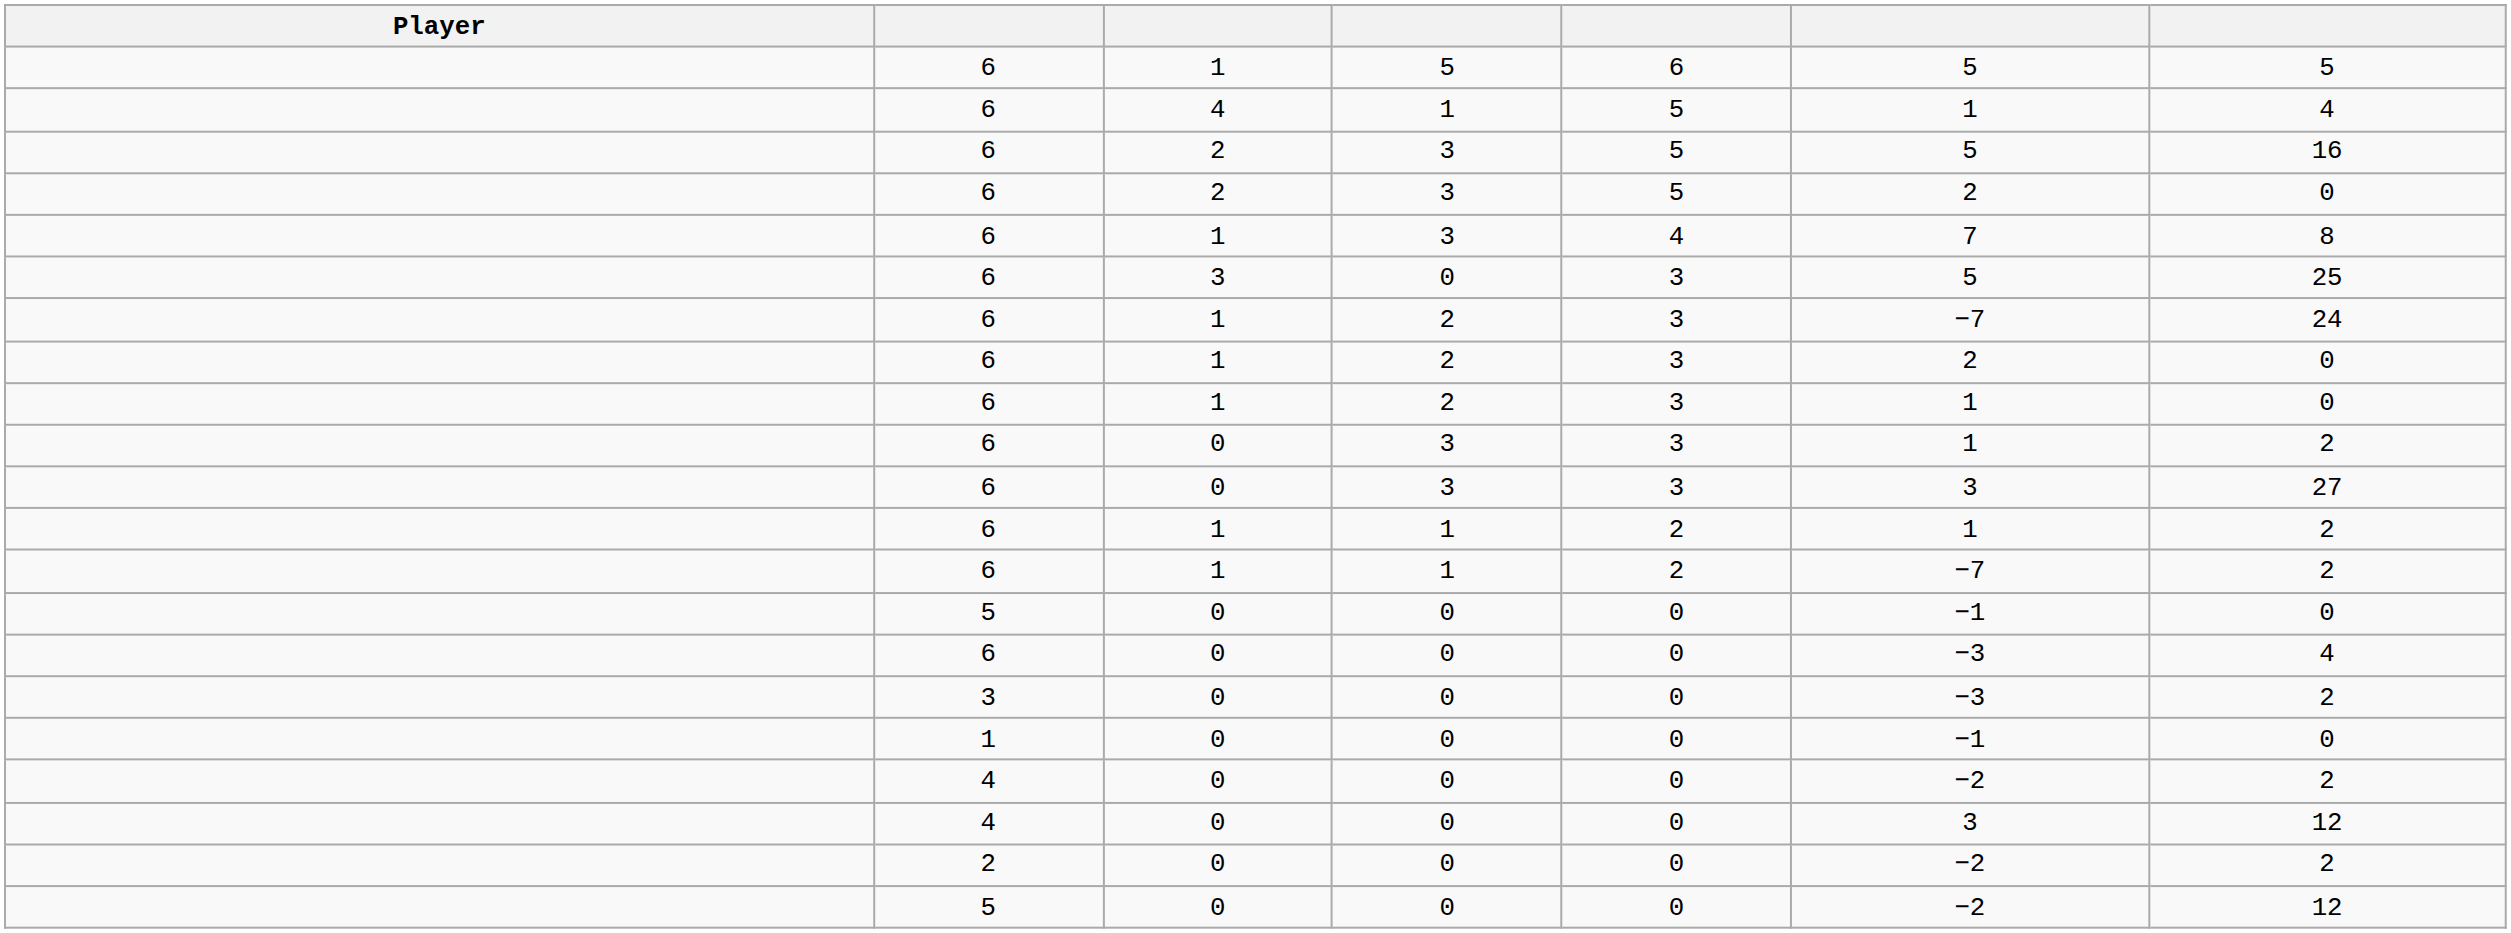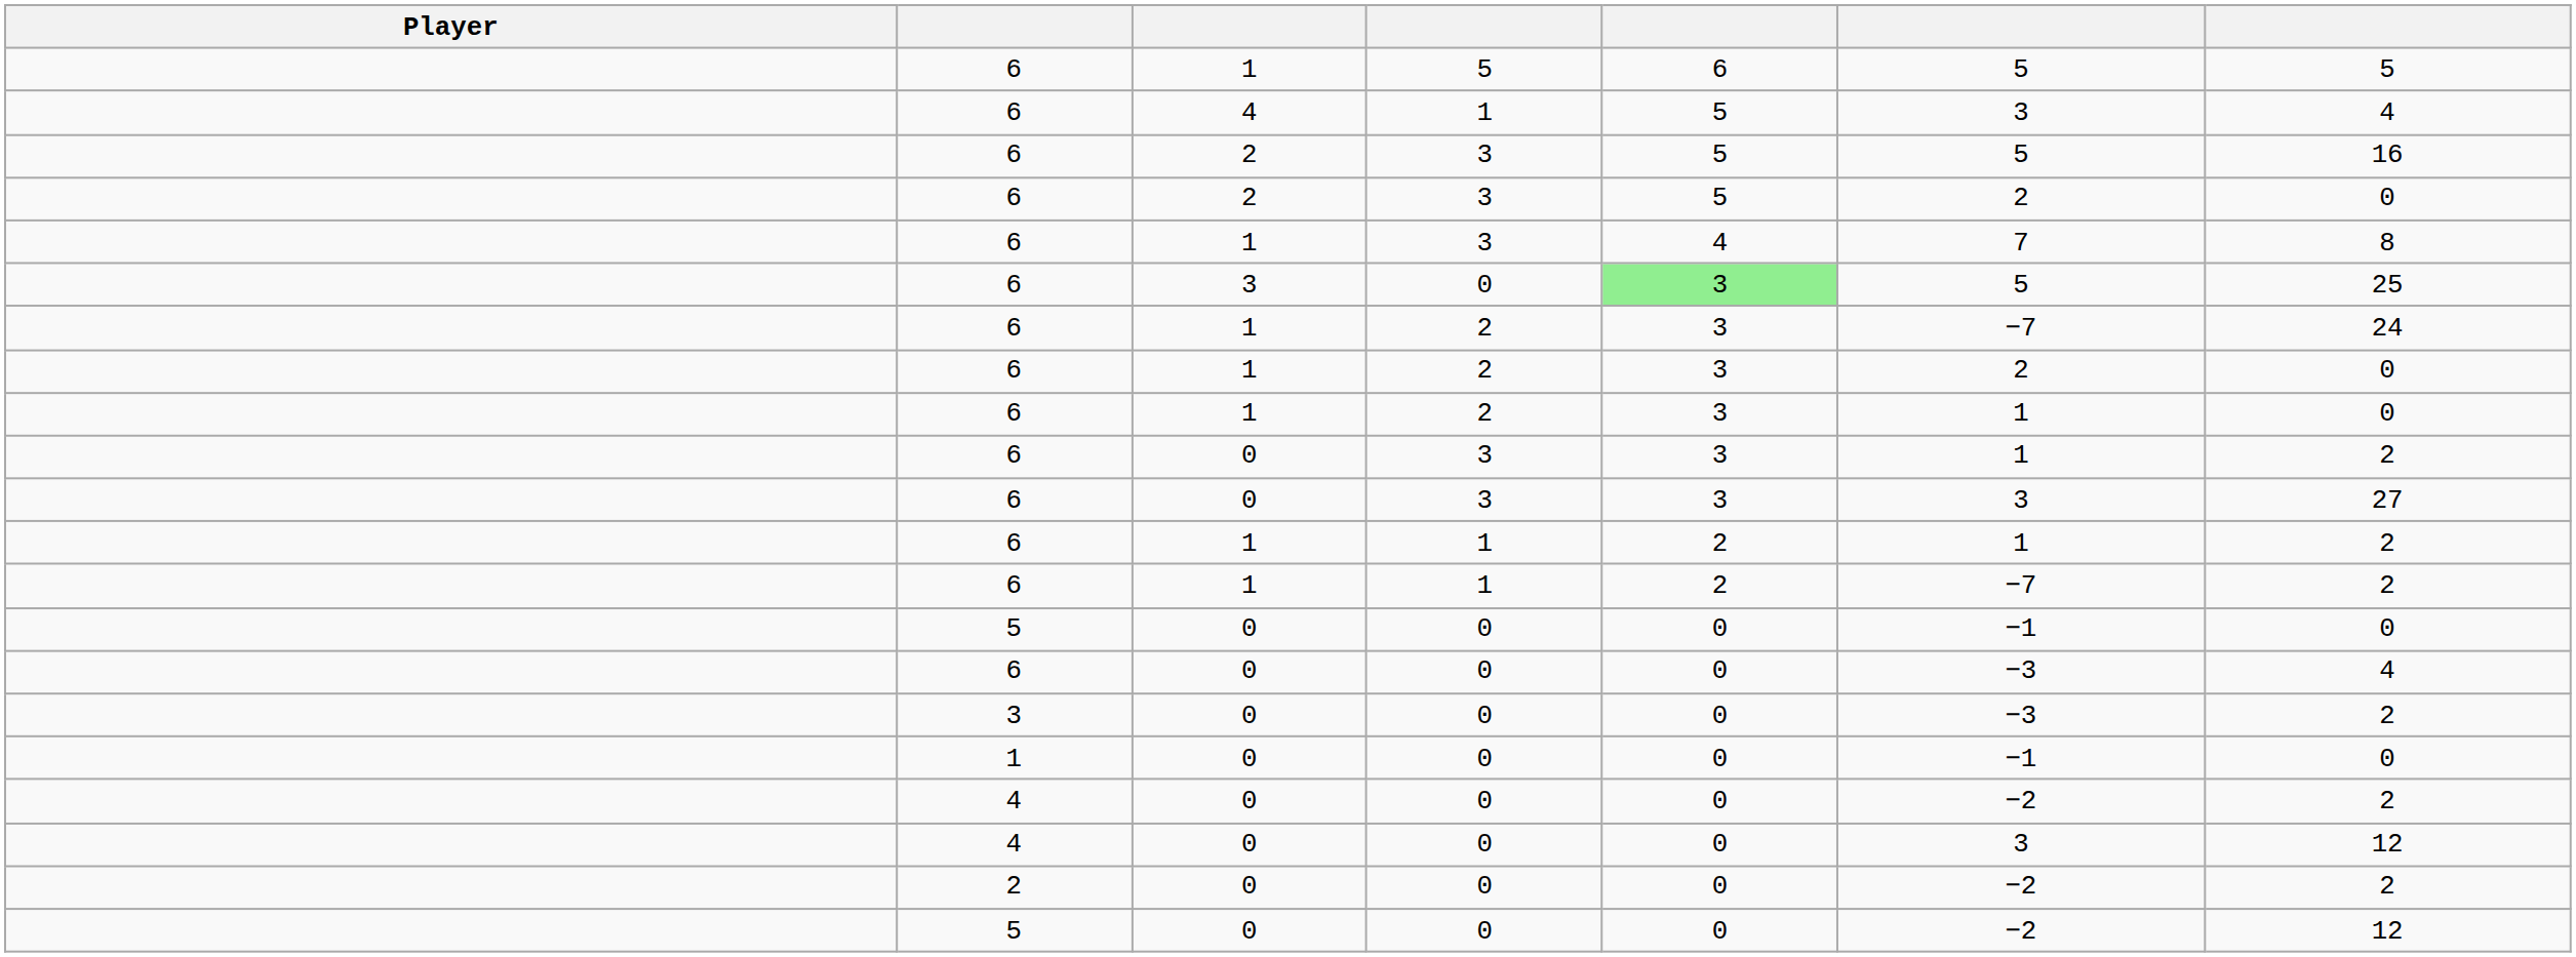 <table class="wikitable sortable" style="width:100%; text-align:center;">
 <tr>
 <th>Player</th>
 <th></th>
 <th></th>
 <th></th>
 <th></th>
 <th data-sort-type="number"></th>
 <th></th>
 </tr>
 <tr>
 <td></td>
 <td>6</td>
 <td>1</td>
 <td>5</td>
 <td>6</td>
 <td>5</td>
 <td>5</td>
 </tr>
 <tr>
 <td></td>
 <td>6</td>
 <td>4</td>
 <td>1</td>
 <td>5</td>
-<td>1</td>
+<td>3</td>
 <td>4</td>
 </tr>
 <tr>
 <td></td>
 <td>6</td>
 <td>2</td>
 <td>3</td>
 <td>5</td>
 <td>5</td>
 <td>16</td>
 </tr>
 <tr>
 <td></td>
 <td>6</td>
 <td>2</td>
 <td>3</td>
 <td>5</td>
 <td>2</td>
 <td>0</td>
 </tr>
 <tr>
 <td></td>
 <td>6</td>
 <td>1</td>
 <td>3</td>
 <td>4</td>
 <td>7</td>
 <td>8</td>
 </tr>
 <tr>
 <td></td>
 <td>6</td>
 <td>3</td>
 <td>0</td>
-<td>3</td>
+<td style="background: lightgreen;">3</td>
 <td>5</td>
 <td>25</td>
 </tr>
 <tr>
 <td></td>
 <td>6</td>
 <td>1</td>
 <td>2</td>
 <td>3</td>
 <td>−7</td>
 <td>24</td>
 </tr>
 <tr>
 <td></td>
 <td>6</td>
 <td>1</td>
 <td>2</td>
 <td>3</td>
 <td>2</td>
 <td>0</td>
 </tr>
 <tr>
 <td></td>
 <td>6</td>
 <td>1</td>
 <td>2</td>
 <td>3</td>
 <td>1</td>
 <td>0</td>
 </tr>
 <tr>
 <td></td>
 <td>6</td>
 <td>0</td>
 <td>3</td>
 <td>3</td>
 <td>1</td>
 <td>2</td>
 </tr>
 <tr>
 <td></td>
 <td>6</td>
 <td>0</td>
 <td>3</td>
 <td>3</td>
 <td>3</td>
 <td>27</td>
 </tr>
 <tr>
 <td></td>
 <td>6</td>
 <td>1</td>
 <td>1</td>
 <td>2</td>
 <td>1</td>
 <td>2</td>
 </tr>
 <tr>
 <td></td>
 <td>6</td>
 <td>1</td>
 <td>1</td>
 <td>2</td>
 <td>−7</td>
 <td>2</td>
 </tr>
 <tr>
 <td></td>
 <td>5</td>
 <td>0</td>
 <td>0</td>
 <td>0</td>
 <td>−1</td>
 <td>0</td>
 </tr>
 <tr>
 <td></td>
 <td>6</td>
 <td>0</td>
 <td>0</td>
 <td>0</td>
 <td>−3</td>
 <td>4</td>
 </tr>
 <tr>
 <td></td>
 <td>3</td>
 <td>0</td>
 <td>0</td>
 <td>0</td>
 <td>−3</td>
 <td>2</td>
 </tr>
 <tr>
 <td></td>
 <td>1</td>
 <td>0</td>
 <td>0</td>
 <td>0</td>
 <td>−1</td>
 <td>0</td>
 </tr>
 <tr>
 <td></td>
 <td>4</td>
 <td>0</td>
 <td>0</td>
 <td>0</td>
 <td>−2</td>
 <td>2</td>
 </tr>
 <tr>
 <td></td>
 <td>4</td>
 <td>0</td>
 <td>0</td>
 <td>0</td>
 <td>3</td>
 <td>12</td>
 </tr>
 <tr>
 <td></td>
 <td>2</td>
 <td>0</td>
 <td>0</td>
 <td>0</td>
 <td>−2</td>
 <td>2</td>
 </tr>
 <tr>
 <td></td>
 <td>5</td>
 <td>0</td>
 <td>0</td>
 <td>0</td>
 <td>−2</td>
 <td>12</td>
 </tr>
 </table>
